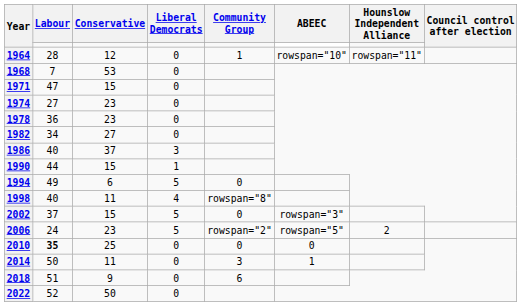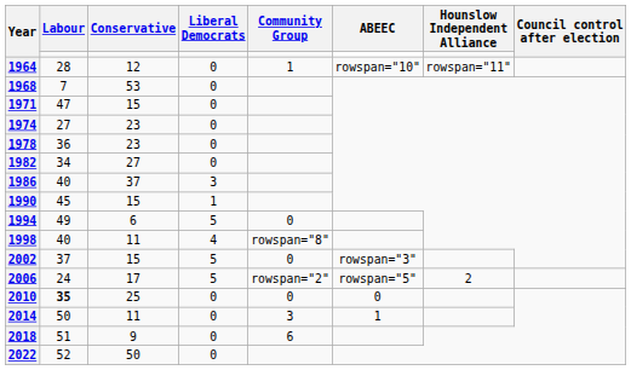 <table class="wikitable plainrowheaders" style="text-align:center">
 <tr>
 <th scope="col" rowspan="2">Year</th>
 <th scope="col"><a href='#'>Labour</a></th>
 <th scope="col"><a href='#'>Conservative</a></th>
 <th scope="col" style="width:1px"><a href='#'>Liberal Democrats</a></th>
 <th scope="col" style="width:1px"><a href='#'>Community Group</a></th>
 <th scope="col">ABEEC</th>
 <th scope="col" style="width:1px">Hounslow Independent Alliance</th>
 <th scope="col" rowspan="2" colspan="2">Council control<br>after election</th>
 </tr>
 <tr>
 <td style="background:"></td>
 <td style="background:"></td>
 <td style="background:"></td>
 <td style="background:"></td>
 <td style="background:white"></td>
 <td style="background:"></td>
 </tr>
 <tr>
 <th scope="row"><a href='#'>1964</a></th>
 <td>28</td>
 <td>12</td>
 <td>0</td>
 <td>1</td>
 <td>rowspan="10" </td>
 <td>rowspan="11" </td>
 <td></td>
 </tr>
 <tr>
 <th scope="row"><a href='#'>1968</a></th>
 <td>7</td>
 <td>53</td>
 <td>0</td>
 <td></td>
 </tr>
 <tr>
 <th scope="row"><a href='#'>1971</a></th>
 <td>47</td>
 <td>15</td>
 <td>0</td>
 <td></td>
 </tr>
 <tr>
 <th scope="row"><a href='#'>1974</a></th>
 <td>27</td>
 <td>23</td>
 <td>0</td>
 <td></td>
 </tr>
 <tr>
 <th scope="row"><a href='#'>1978</a></th>
 <td>36</td>
 <td>23</td>
 <td>0</td>
 <td></td>
 </tr>
 <tr>
 <th scope="row"><a href='#'>1982</a></th>
 <td>34</td>
 <td>27</td>
 <td>0</td>
 <td></td>
 </tr>
 <tr>
 <th scope="row"><a href='#'>1986</a></th>
 <td>40</td>
 <td>37</td>
 <td>3</td>
 <td></td>
 </tr>
 <tr>
 <th scope="row"><a href='#'>1990</a></th>
-<td>44</td>
+<td>45</td>
 <td>15</td>
 <td>1</td>
 <td></td>
 </tr>
 <tr>
 <th scope="row"><a href='#'>1994</a></th>
 <td>49</td>
 <td>6</td>
 <td>5</td>
 <td>0</td>
 <td></td>
 </tr>
 <tr>
 <th scope="row"><a href='#'>1998</a></th>
 <td>40</td>
 <td>11</td>
 <td>4</td>
 <td>rowspan="8" </td>
 <td></td>
 </tr>
 <tr>
 <th scope="row"><a href='#'>2002</a></th>
 <td>37</td>
 <td>15</td>
 <td>5</td>
 <td>0</td>
 <td>rowspan="3" </td>
 <td></td>
 </tr>
 <tr>
 <th scope="row"><a href='#'>2006</a></th>
 <td>24</td>
-<td>23</td>
+<td>17</td>
 <td>5</td>
 <td>rowspan="2" </td>
 <td>rowspan="5" </td>
 <td>2</td>
 <td></td>
 </tr>
 <tr>
 <th scope="row"><a href='#'>2010</a></th>
 <td><strong>35</strong></td>
 <td>25</td>
 <td>0</td>
 <td>0</td>
 <td>0</td>
 <td></td>
 </tr>
 <tr>
 <th scope="row"><a href='#'>2014</a></th>
 <td>50</td>
 <td>11</td>
 <td>0</td>
 <td>3</td>
 <td>1</td>
 <td></td>
 </tr>
 <tr>
 <th scope="row"><a href='#'>2018</a></th>
 <td>51</td>
 <td>9</td>
 <td>0</td>
 <td>6</td>
 <td></td>
 </tr>
 <tr>
 <th scope="row"><a href='#'>2022</a></th>
 <td>52</td>
 <td>50</td>
 <td>0</td>
 <td></td>
 </tr>
 </table>
